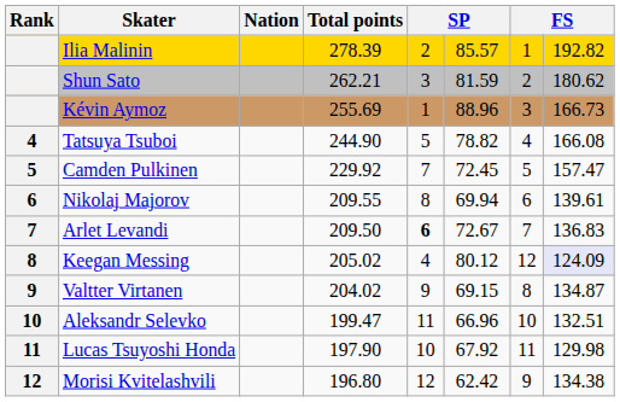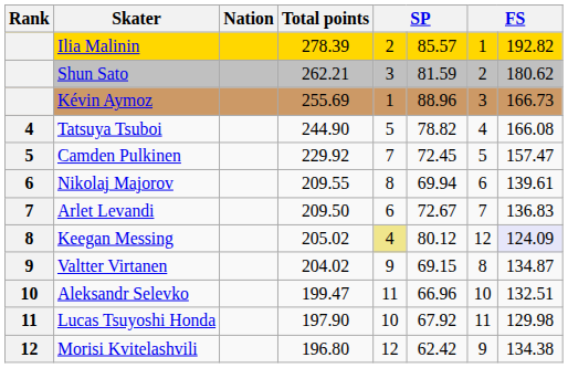 <table class="wikitable sortable" style="text-align:left">
 <tr>
 <th scope="col">Rank</th>
 <th scope="col">Skater</th>
 <th scope="col">Nation</th>
 <th scope="col">Total points</th>
 <th scope="col" colspan="2" width="80px"><a href='#'>SP</a></th>
 <th scope="col" colspan="2" width="80px"><a href='#'>FS</a></th>
 </tr>
 <tr bgcolor="gold">
 <th scope="row"></th>
 <td><a href='#'>Ilia Malinin</a></td>
 <td></td>
 <td align="center">278.39</td>
 <td align="center">2</td>
 <td align="center">85.57</td>
 <td align="center">1</td>
 <td align="center">192.82</td>
 </tr>
 <tr bgcolor="silver">
 <th scope="row"></th>
 <td><a href='#'>Shun Sato</a></td>
 <td></td>
 <td align="center">262.21</td>
 <td align="center">3</td>
 <td align="center">81.59</td>
 <td align="center">2</td>
 <td align="center">180.62</td>
 </tr>
 <tr bgcolor="cc9966">
 <th scope="row"></th>
 <td><a href='#'>Kévin Aymoz</a></td>
 <td></td>
 <td align="center">255.69</td>
 <td align="center">1</td>
 <td align="center">88.96</td>
 <td align="center">3</td>
 <td align="center">166.73</td>
 </tr>
 <tr>
 <th scope="row">4</th>
 <td><a href='#'>Tatsuya Tsuboi</a></td>
 <td></td>
 <td align="center">244.90</td>
 <td align="center">5</td>
 <td align="center">78.82</td>
 <td align="center">4</td>
 <td align="center">166.08</td>
 </tr>
 <tr>
 <th scope="row">5</th>
 <td><a href='#'>Camden Pulkinen</a></td>
 <td></td>
 <td align="center">229.92</td>
 <td align="center">7</td>
 <td align="center">72.45</td>
 <td align="center">5</td>
 <td align="center">157.47</td>
 </tr>
 <tr>
 <th scope="row">6</th>
 <td><a href='#'>Nikolaj Majorov</a></td>
 <td></td>
 <td align="center">209.55</td>
 <td align="center">8</td>
 <td align="center">69.94</td>
 <td align="center">6</td>
 <td align="center">139.61</td>
 </tr>
 <tr>
 <th scope="row">7</th>
 <td><a href='#'>Arlet Levandi</a></td>
 <td></td>
 <td align="center">209.50</td>
-<td align="center"><strong>6</strong></td>
+<td align="center">6</td>
 <td align="center">72.67</td>
 <td align="center">7</td>
 <td align="center">136.83</td>
 </tr>
 <tr>
 <th scope="row">8</th>
 <td><a href='#'>Keegan Messing</a></td>
 <td></td>
 <td align="center">205.02</td>
-<td align="center">4</td>
+<td align="center" style="background: khaki;">4</td>
 <td align="center">80.12</td>
 <td align="center">12</td>
 <td align="center" style="background: lavender;">124.09</td>
 </tr>
 <tr>
 <th scope="row">9</th>
 <td><a href='#'>Valtter Virtanen</a></td>
 <td></td>
 <td align="center">204.02</td>
 <td align="center">9</td>
 <td align="center">69.15</td>
 <td align="center">8</td>
 <td align="center">134.87</td>
 </tr>
 <tr>
 <th scope="row">10</th>
 <td><a href='#'>Aleksandr Selevko</a></td>
 <td></td>
 <td align="center">199.47</td>
 <td align="center">11</td>
 <td align="center">66.96</td>
 <td align="center">10</td>
 <td align="center">132.51</td>
 </tr>
 <tr>
 <th scope="row">11</th>
 <td><a href='#'>Lucas Tsuyoshi Honda</a></td>
 <td></td>
 <td align="center">197.90</td>
 <td align="center">10</td>
 <td align="center">67.92</td>
 <td align="center">11</td>
 <td align="center">129.98</td>
 </tr>
 <tr>
 <th scope="row">12</th>
 <td><a href='#'>Morisi Kvitelashvili</a></td>
 <td></td>
 <td align="center">196.80</td>
 <td align="center">12</td>
 <td align="center">62.42</td>
 <td align="center">9</td>
 <td align="center">134.38</td>
 </tr>
 </table>
